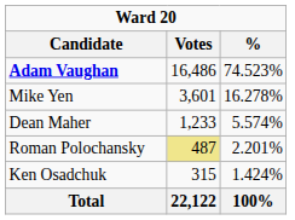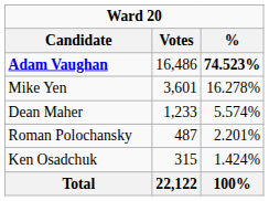 <table class="wikitable">
 <tr>
 <td Colspan="3" align="center"><strong>Ward 20</strong></td>
 </tr>
 <tr>
 <th bgcolor="#DDDDFF" width="150px">Candidate</th>
 <th bgcolor="#DDDDFF">Votes</th>
 <th bgcolor="#DDDDFF">%</th>
 </tr>
 <tr>
 <td><strong><a href='#'>Adam Vaughan</a></strong></td>
 <td align=right>16,486</td>
-<td align=right>74.523%</td>
+<td align=right><strong>74.523%</strong></td>
 </tr>
 <tr>
 <td>Mike Yen</td>
 <td align=right>3,601</td>
 <td align=right>16.278%</td>
 </tr>
 <tr>
 <td>Dean Maher</td>
 <td align=right>1,233</td>
 <td align=right>5.574%</td>
 </tr>
 <tr>
 <td>Roman Polochansky</td>
-<td align=right style="background: khaki;">487</td>
+<td align=right>487</td>
 <td align=right>2.201%</td>
 </tr>
 <tr>
 <td>Ken Osadchuk</td>
 <td align=right>315</td>
 <td align=right>1.424%</td>
 </tr>
 <tr>
 <th>Total</th>
 <th align=right>22,122</th>
 <th align=right>100%</th>
 </tr>
 </table>
